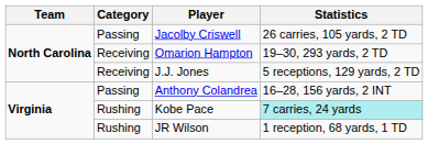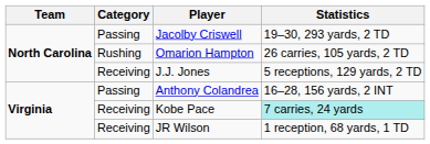 <table class="wikitable" style="float: right;">
 <tr>
 <th>Team</th>
 <th>Category</th>
 <th>Player</th>
 <th>Statistics</th>
 </tr>
 <tr>
 <td rowspan=3><strong>North Carolina</strong></td>
 <td>Passing</td>
 <td><a href='#'>Jacolby Criswell</a></td>
-<td>26 carries, 105 yards, 2 TD</td>
+<td>19–30, 293 yards, 2 TD</td>
 </tr>
 <tr>
-<td>Receiving</td>
+<td>Rushing</td>
 <td><a href='#'>Omarion Hampton</a></td>
-<td>19–30, 293 yards, 2 TD</td>
+<td>26 carries, 105 yards, 2 TD</td>
 </tr>
 <tr>
 <td>Receiving</td>
 <td>J.J. Jones</td>
 <td>5 receptions, 129 yards, 2 TD</td>
 </tr>
 <tr>
 <td rowspan=3><strong>Virginia</strong></td>
 <td>Passing</td>
 <td><a href='#'>Anthony Colandrea</a></td>
 <td>16–28, 156 yards, 2 INT</td>
 </tr>
 <tr>
-<td>Rushing</td>
+<td>Receiving</td>
 <td>Kobe Pace</td>
 <td style="background: paleturquoise;">7 carries, 24 yards</td>
 </tr>
 <tr>
-<td>Rushing</td>
+<td>Receiving</td>
 <td>JR Wilson</td>
 <td>1 reception, 68 yards, 1 TD</td>
 </tr>
 </table>
